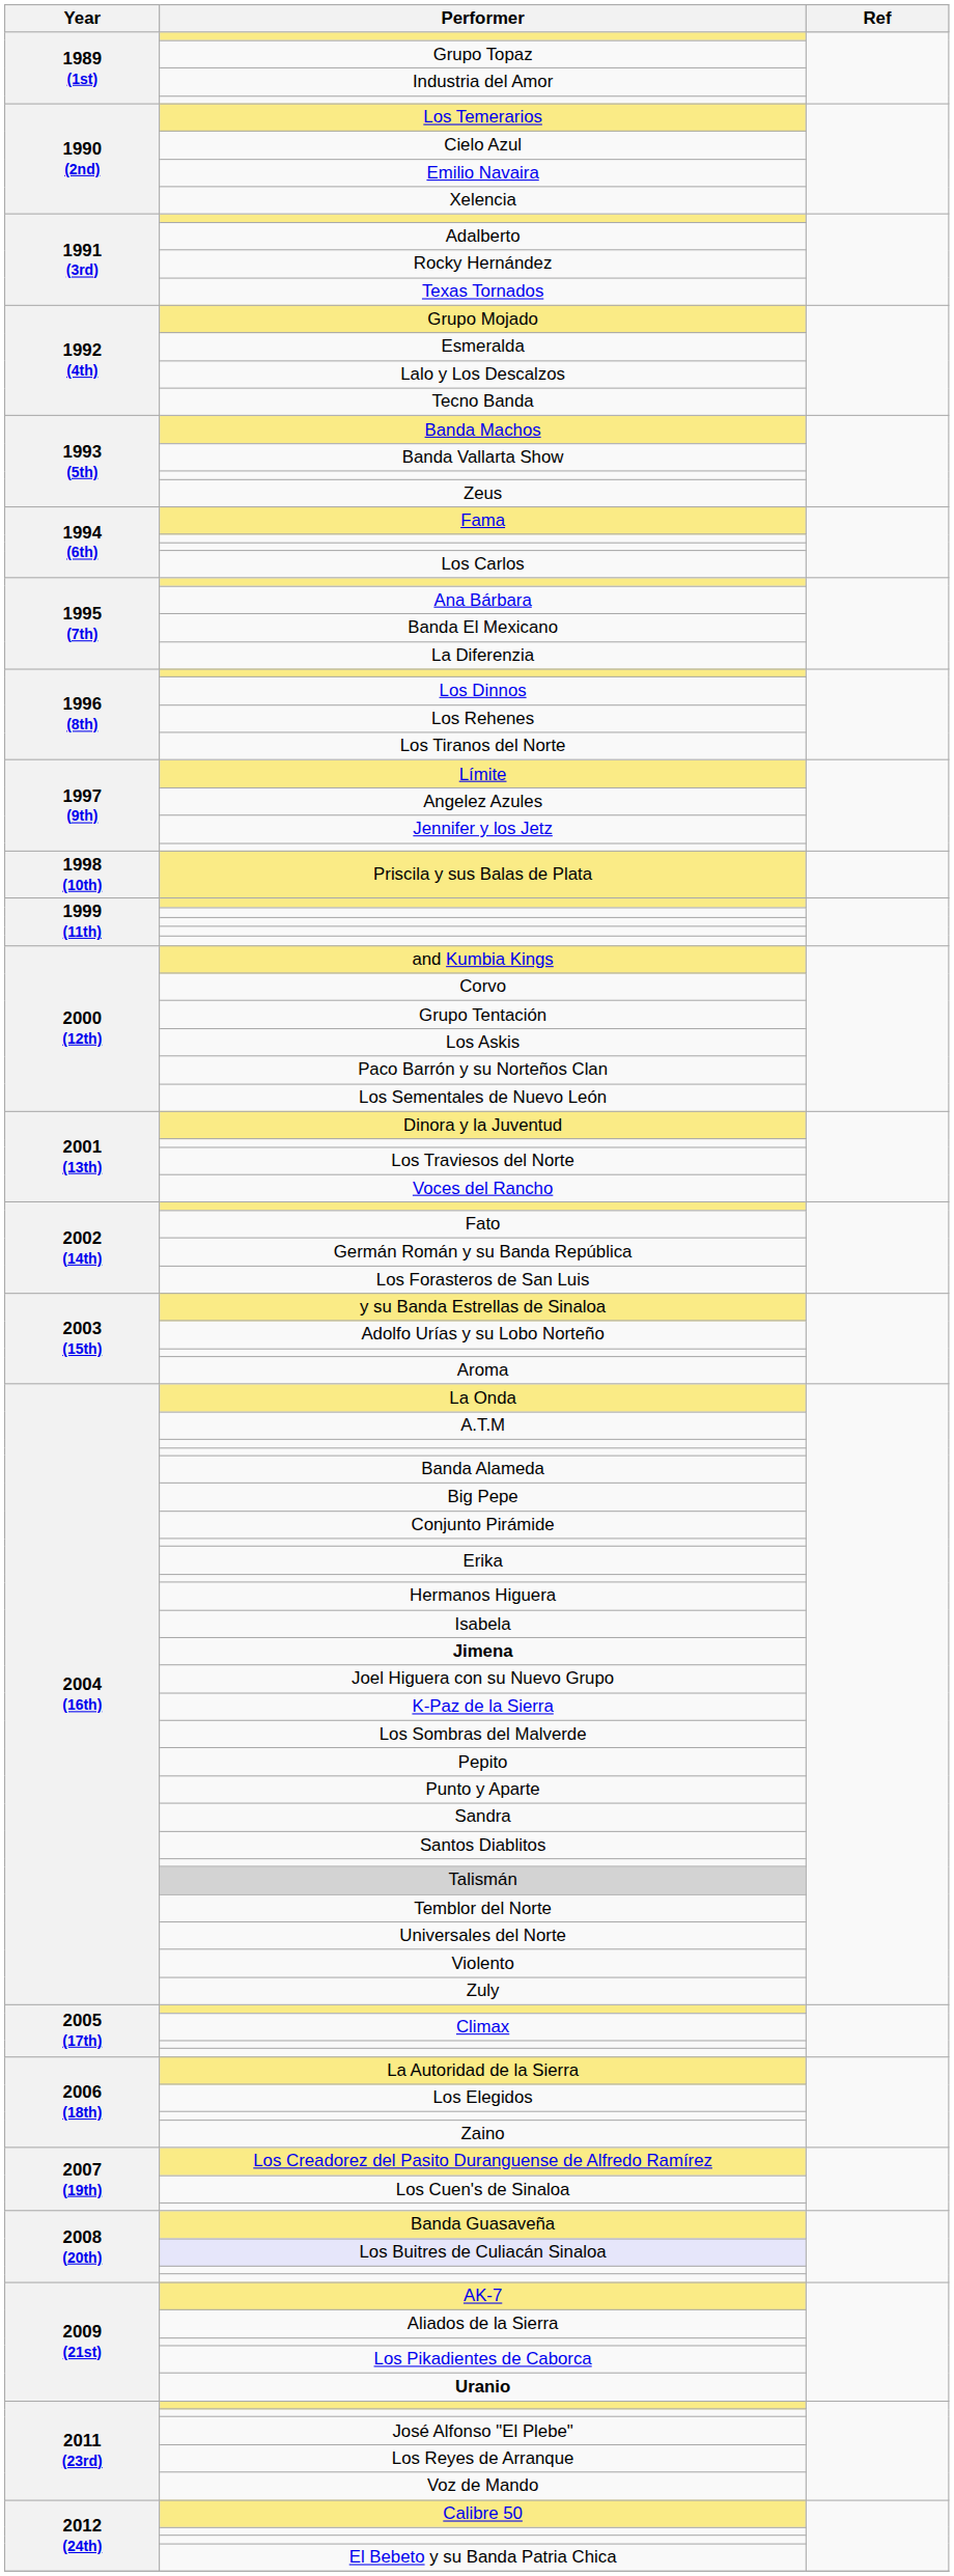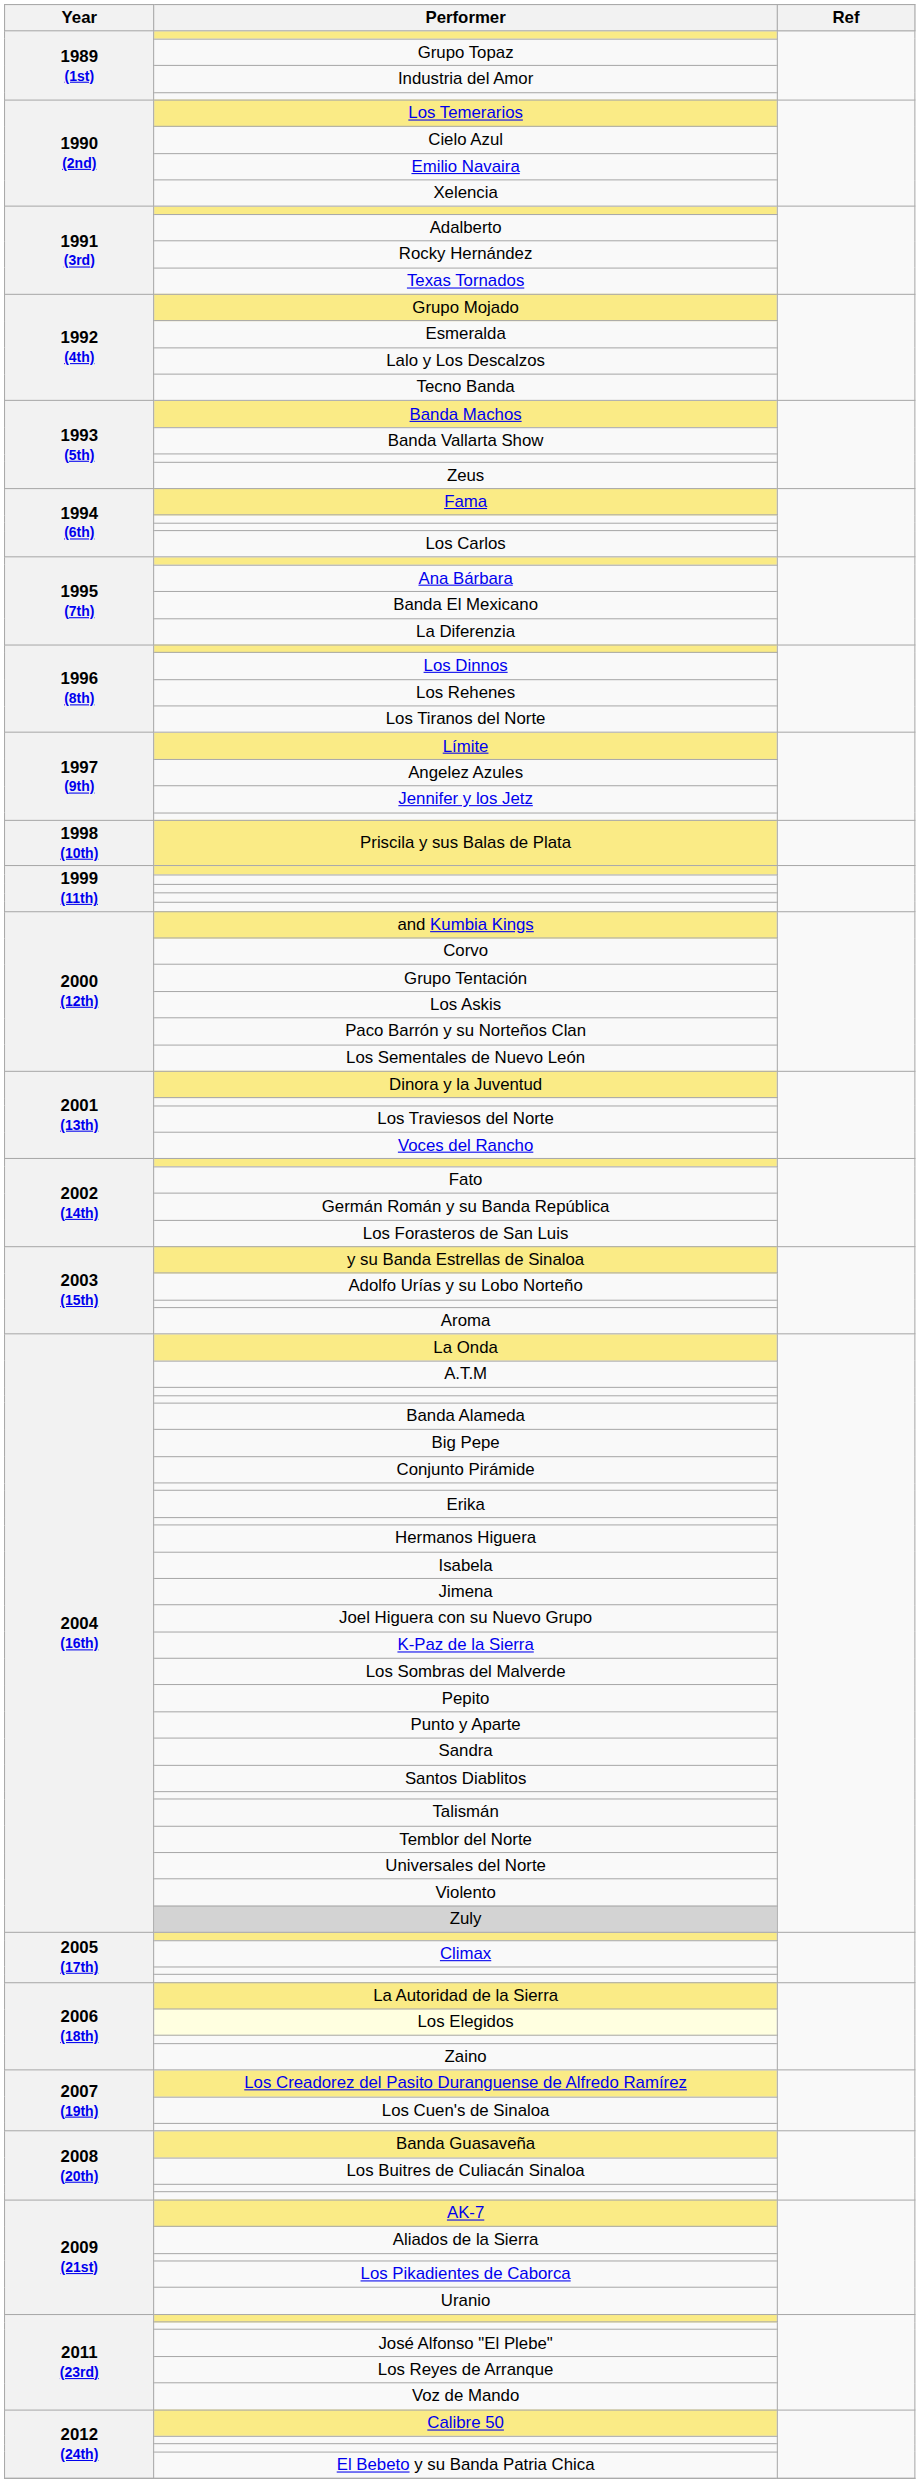 <table class="wikitable sortable" style="text-align:center;">
 <tr style="background:#bebebe;">
 <th scope="col" style="width:1%;">Year</th>
 <th scope="col" style="width:5%;">Performer</th>
 <th scope="col" style="width:1%;" class="unsortable">Ref</th>
 </tr>
 <tr>
 <th scope="row"  rowspan=4 style="text-align:center">1989 <br><small><a href='#'>(1st)</a></small></th>
 <td style="background:#FAEB86"></td>
 <td rowspan=4></td>
 </tr>
 <tr>
 <td>Grupo Topaz</td>
 </tr>
 <tr>
 <td>Industria del Amor</td>
 </tr>
 <tr>
 <td></td>
 </tr>
 <tr>
 <th scope="row"  rowspan=4 style="text-align:center">1990 <br><small><a href='#'>(2nd)</a></small></th>
 <td style="background:#FAEB86"><a href='#'>Los Temerarios</a></td>
 <td rowspan=4></td>
 </tr>
 <tr>
 <td>Cielo Azul</td>
 </tr>
 <tr>
 <td><a href='#'>Emilio Navaira</a></td>
 </tr>
 <tr>
 <td>Xelencia</td>
 </tr>
 <tr>
 <th scope="row" rowspan=4 style="text-align:center">1991 <br><small><a href='#'>(3rd)</a></small></th>
 <td style="background:#FAEB86"></td>
 <td rowspan=4></td>
 </tr>
 <tr>
 <td>Adalberto</td>
 </tr>
 <tr>
 <td>Rocky Hernández</td>
 </tr>
 <tr>
 <td><a href='#'>Texas Tornados</a></td>
 </tr>
 <tr>
 <th scope="row" rowspan=4 style="text-align:center">1992 <br><small><a href='#'>(4th)</a></small></th>
 <td style="background:#FAEB86">Grupo Mojado</td>
 <td rowspan=4></td>
 </tr>
 <tr>
 <td>Esmeralda</td>
 </tr>
 <tr>
 <td>Lalo y Los Descalzos</td>
 </tr>
 <tr>
 <td>Tecno Banda</td>
 </tr>
 <tr>
 <th scope="row"  rowspan=4 style="text-align:center">1993 <br><small><a href='#'>(5th)</a></small></th>
 <td style="background:#FAEB86"><a href='#'>Banda Machos</a></td>
 <td rowspan=4></td>
 </tr>
 <tr>
 <td>Banda Vallarta Show</td>
 </tr>
 <tr>
 <td></td>
 </tr>
 <tr>
 <td>Zeus</td>
 </tr>
 <tr>
 <th scope="row"  rowspan=4 style="text-align:center">1994 <br><small><a href='#'>(6th)</a></small></th>
 <td style="background:#FAEB86"><a href='#'>Fama</a></td>
 <td rowspan=4></td>
 </tr>
 <tr>
 <td></td>
 </tr>
 <tr>
 <td></td>
 </tr>
 <tr>
 <td>Los Carlos</td>
 </tr>
 <tr>
 <th scope="row"  rowspan=4 style="text-align:center">1995 <br><small><a href='#'>(7th)</a></small></th>
 <td style="background:#FAEB86"></td>
 <td rowspan=4></td>
 </tr>
 <tr>
 <td><a href='#'>Ana Bárbara</a></td>
 </tr>
 <tr>
 <td>Banda El Mexicano</td>
 </tr>
 <tr>
 <td>La Diferenzia</td>
 </tr>
 <tr>
 <th scope="row"  rowspan=4 style="text-align:center">1996 <br><small><a href='#'>(8th)</a></small></th>
 <td style="background:#FAEB86"></td>
 <td rowspan=4></td>
 </tr>
 <tr>
 <td><a href='#'>Los Dinnos</a></td>
 </tr>
 <tr>
 <td>Los Rehenes</td>
 </tr>
 <tr>
 <td>Los Tiranos del Norte</td>
 </tr>
 <tr>
 <th scope="row" rowspan=4 style="text-align:center">1997 <br><small><a href='#'>(9th)</a></small></th>
 <td style="background:#FAEB86"><a href='#'>Límite</a></td>
 <td rowspan=4></td>
 </tr>
 <tr>
 <td>Angelez Azules</td>
 </tr>
 <tr>
 <td><a href='#'>Jennifer y los Jetz</a></td>
 </tr>
 <tr>
 <td></td>
 </tr>
 <tr>
 <th scope="row" rowspan=1 style="text-align:center">1998 <br><small><a href='#'>(10th)</a></small></th>
 <td style="background:#FAEB86">Priscila y sus Balas de Plata</td>
 <td rowspan=1></td>
 </tr>
 <tr>
 <th scope="row" rowspan=5 style="text-align:center">1999 <br><small><a href='#'>(11th)</a></small></th>
 <td style="background:#FAEB86"></td>
 <td rowspan=5></td>
 </tr>
 <tr>
 <td></td>
 </tr>
 <tr>
 <td></td>
 </tr>
 <tr>
 <td></td>
 </tr>
 <tr>
 <td></td>
 </tr>
 <tr>
 <th scope="row" rowspan=6 style="text-align:center">2000 <br><small><a href='#'>(12th)</a></small></th>
 <td style="background:#FAEB86"> and <a href='#'>Kumbia Kings</a></td>
 <td rowspan=6></td>
 </tr>
 <tr>
 <td>Corvo</td>
 </tr>
 <tr>
 <td>Grupo Tentación</td>
 </tr>
 <tr>
 <td>Los Askis</td>
 </tr>
 <tr>
 <td>Paco Barrón y su Norteños Clan</td>
 </tr>
 <tr>
 <td>Los Sementales de Nuevo León</td>
 </tr>
 <tr>
 <th scope="row" rowspan=4 style="text-align:center">2001 <br><small><a href='#'>(13th)</a></small></th>
 <td style="background:#FAEB86">Dinora y la Juventud</td>
 <td rowspan=4></td>
 </tr>
 <tr>
 <td></td>
 </tr>
 <tr>
 <td>Los Traviesos del Norte</td>
 </tr>
 <tr>
 <td><a href='#'>Voces del Rancho</a></td>
 </tr>
 <tr>
 <th scope="row" rowspan=4 style="text-align:center">2002 <br><small><a href='#'>(14th)</a></small></th>
 <td style="background:#FAEB86"></td>
 <td rowspan=4></td>
 </tr>
 <tr>
 <td>Fato</td>
 </tr>
 <tr>
 <td>Germán Román y su Banda República</td>
 </tr>
 <tr>
 <td>Los Forasteros de San Luis</td>
 </tr>
 <tr>
 <th scope="row" rowspan=4 style="text-align:center">2003 <br><small><a href='#'>(15th)</a></small></th>
 <td style="background:#FAEB86"> y su Banda Estrellas de Sinaloa</td>
 <td rowspan=4></td>
 </tr>
 <tr>
 <td>Adolfo Urías y su Lobo Norteño</td>
 </tr>
 <tr>
 <td></td>
 </tr>
 <tr>
 <td>Aroma</td>
 </tr>
 <tr>
 <th scope="row" rowspan=26 style="text-align:center">2004 <br><small><a href='#'>(16th)</a></small></th>
 <td style="background:#FAEB86">La Onda</td>
 <td rowspan=26></td>
 </tr>
 <tr>
 <td>A.T.M</td>
 </tr>
 <tr>
 <td></td>
 </tr>
 <tr>
 <td></td>
 </tr>
 <tr>
 <td>Banda Alameda</td>
 </tr>
 <tr>
 <td>Big Pepe</td>
 </tr>
 <tr>
 <td>Conjunto Pirámide</td>
 </tr>
 <tr>
 <td></td>
 </tr>
 <tr>
 <td>Erika</td>
 </tr>
 <tr>
 <td></td>
 </tr>
 <tr>
 <td>Hermanos Higuera</td>
 </tr>
 <tr>
 <td>Isabela</td>
 </tr>
 <tr>
-<td><strong>Jimena</strong></td>
+<td>Jimena</td>
 </tr>
 <tr>
 <td>Joel Higuera con su Nuevo Grupo</td>
 </tr>
 <tr>
 <td><a href='#'>K-Paz de la Sierra</a></td>
 </tr>
 <tr>
 <td>Los Sombras del Malverde</td>
 </tr>
 <tr>
 <td>Pepito</td>
 </tr>
 <tr>
 <td>Punto y Aparte</td>
 </tr>
 <tr>
 <td>Sandra</td>
 </tr>
 <tr>
 <td>Santos Diablitos</td>
 </tr>
 <tr>
 <td></td>
 </tr>
 <tr>
-<td style="background: lightgrey;">Talismán</td>
+<td>Talismán</td>
 </tr>
 <tr>
 <td>Temblor del Norte</td>
 </tr>
 <tr>
 <td>Universales del Norte</td>
 </tr>
 <tr>
 <td>Violento</td>
 </tr>
 <tr>
-<td>Zuly</td>
+<td style="background: lightgrey;">Zuly</td>
 </tr>
 <tr>
 <th scope="row" rowspan=4 style="text-align:center">2005 <br><small><a href='#'>(17th)</a></small></th>
 <td style="background:#FAEB86"></td>
 <td rowspan=4></td>
 </tr>
 <tr>
 <td><a href='#'>Climax</a></td>
 </tr>
 <tr>
 <td></td>
 </tr>
 <tr>
 <td></td>
 </tr>
 <tr>
 <th scope="row" rowspan=4 style="text-align:center">2006 <br><small><a href='#'>(18th)</a></small></th>
 <td style="background:#FAEB86">La Autoridad de la Sierra</td>
 <td rowspan=4></td>
 </tr>
 <tr>
-<td>Los Elegidos</td>
+<td style="background: lightyellow;">Los Elegidos</td>
 </tr>
 <tr>
 <td></td>
 </tr>
 <tr>
 <td>Zaino</td>
 </tr>
 <tr>
 <th scope="row" rowspan=3 style="text-align:center">2007 <br><small><a href='#'>(19th)</a></small></th>
 <td style="background:#FAEB86"><a href='#'>Los Creadorez del Pasito Duranguense de Alfredo Ramírez</a></td>
 <td rowspan=3></td>
 </tr>
 <tr>
 <td>Los Cuen's de Sinaloa</td>
 </tr>
 <tr>
 <td></td>
 </tr>
 <tr>
 <th scope="row" rowspan=4 style="text-align:center">2008 <br><small><a href='#'>(20th)</a></small></th>
 <td style="background:#FAEB86">Banda Guasaveña</td>
 <td rowspan=4></td>
 </tr>
 <tr>
-<td style="background: lavender;">Los Buitres de Culiacán Sinaloa</td>
+<td>Los Buitres de Culiacán Sinaloa</td>
 </tr>
 <tr>
 <td></td>
 </tr>
 <tr>
 <td></td>
 </tr>
 <tr>
 <th scope="row" rowspan=5 style="text-align:center">2009 <br><small><a href='#'>(21st)</a></small></th>
 <td style="background:#FAEB86"><a href='#'>AK-7</a></td>
 <td rowspan=5></td>
 </tr>
 <tr>
 <td>Aliados de la Sierra</td>
 </tr>
 <tr>
 <td></td>
 </tr>
 <tr>
 <td><a href='#'>Los Pikadientes de Caborca</a></td>
 </tr>
 <tr>
-<td><strong>Uranio</strong></td>
+<td>Uranio</td>
 </tr>
 <tr>
 <th scope="row" rowspan=5 style="text-align:center">2011 <br><small><a href='#'>(23rd)</a></small></th>
 <td style="background:#FAEB86"></td>
 <td rowspan=5></td>
 </tr>
 <tr>
 <td></td>
 </tr>
 <tr>
 <td>José Alfonso "El Plebe"</td>
 </tr>
 <tr>
 <td>Los Reyes de Arranque</td>
 </tr>
 <tr>
 <td>Voz de Mando</td>
 </tr>
 <tr>
 <th scope="row" rowspan=4 style="text-align:center">2012 <br><small><a href='#'>(24th)</a></small></th>
 <td style="background:#FAEB86"><a href='#'>Calibre 50</a></td>
 <td rowspan=4></td>
 </tr>
 <tr>
 <td></td>
 </tr>
 <tr>
 <td></td>
 </tr>
 <tr>
 <td><a href='#'>El Bebeto</a> y su Banda Patria Chica</td>
 </tr>
 <tr>
 </tr>
 </table>
